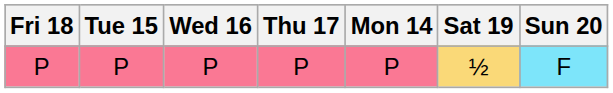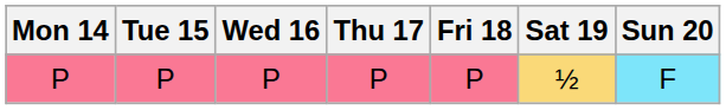 <table class="wikitable" style="margin:0.5em auto; font-size:90%; line-height:1.25em; text-align:center">
 <tr>
-<th>Fri 18</th>
+<th>Mon 14</th>
 <th>Tue 15</th>
 <th>Wed 16</th>
 <th>Thu 17</th>
-<th>Mon 14</th>
+<th>Fri 18</th>
 <th>Sat 19</th>
 <th>Sun 20</th>
 </tr>
 <tr>
 <td bgcolor="#FA7894">P</td>
 <td bgcolor="#FA7894">P</td>
 <td bgcolor="#FA7894">P</td>
 <td bgcolor="#FA7894">P</td>
 <td bgcolor="#FA7894">P</td>
 <td bgcolor="#FAD978">½</td>
 <td bgcolor="#7DE5FA">F</td>
 </tr>
 </table>
